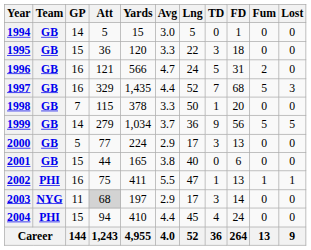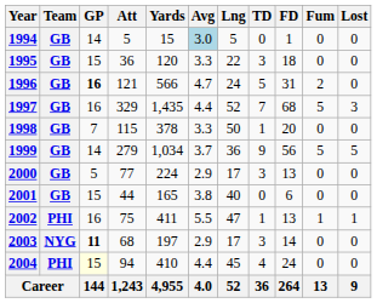 <table class="wikitable" style="text-align:center;">
 <tr>
 <th>Year</th>
 <th>Team</th>
 <th>GP</th>
 <th>Att</th>
 <th>Yards</th>
 <th>Avg</th>
 <th>Lng</th>
 <th>TD</th>
 <th>FD</th>
 <th>Fum</th>
 <th>Lost</th>
 </tr>
 <tr>
 <th><a href='#'>1994</a></th>
 <th><a href='#'>GB</a></th>
 <td>14</td>
 <td>5</td>
 <td>15</td>
-<td>3.0</td>
+<td style="background: lightblue;">3.0</td>
 <td>5</td>
 <td>0</td>
 <td>1</td>
 <td>0</td>
 <td>0</td>
 </tr>
 <tr>
 <th><a href='#'>1995</a></th>
 <th><a href='#'>GB</a></th>
 <td>15</td>
 <td>36</td>
 <td>120</td>
 <td>3.3</td>
 <td>22</td>
 <td>3</td>
 <td>18</td>
 <td>0</td>
 <td>0</td>
 </tr>
 <tr>
 <th><a href='#'>1996</a></th>
 <th><a href='#'>GB</a></th>
-<td>16</td>
+<td><strong>16</strong></td>
 <td>121</td>
 <td>566</td>
 <td>4.7</td>
 <td>24</td>
 <td>5</td>
 <td>31</td>
 <td>2</td>
 <td>0</td>
 </tr>
 <tr>
 <th><a href='#'>1997</a></th>
 <th><a href='#'>GB</a></th>
 <td>16</td>
 <td>329</td>
 <td>1,435</td>
 <td>4.4</td>
 <td>52</td>
 <td>7</td>
 <td>68</td>
 <td>5</td>
 <td>3</td>
 </tr>
 <tr>
 <th><a href='#'>1998</a></th>
 <th><a href='#'>GB</a></th>
 <td>7</td>
 <td>115</td>
 <td>378</td>
 <td>3.3</td>
 <td>50</td>
 <td>1</td>
 <td>20</td>
 <td>0</td>
 <td>0</td>
 </tr>
 <tr>
 <th><a href='#'>1999</a></th>
 <th><a href='#'>GB</a></th>
 <td>14</td>
 <td>279</td>
 <td>1,034</td>
 <td>3.7</td>
 <td>36</td>
 <td>9</td>
 <td>56</td>
 <td>5</td>
 <td>5</td>
 </tr>
 <tr>
 <th><a href='#'>2000</a></th>
 <th><a href='#'>GB</a></th>
 <td>5</td>
 <td>77</td>
 <td>224</td>
 <td>2.9</td>
 <td>17</td>
 <td>3</td>
 <td>13</td>
 <td>0</td>
 <td>0</td>
 </tr>
 <tr>
 <th><a href='#'>2001</a></th>
 <th><a href='#'>GB</a></th>
 <td>15</td>
 <td>44</td>
 <td>165</td>
 <td>3.8</td>
 <td>40</td>
 <td>0</td>
 <td>6</td>
 <td>0</td>
 <td>0</td>
 </tr>
 <tr>
 <th><a href='#'>2002</a></th>
 <th><a href='#'>PHI</a></th>
 <td>16</td>
 <td>75</td>
 <td>411</td>
 <td>5.5</td>
 <td>47</td>
 <td>1</td>
 <td>13</td>
 <td>1</td>
 <td>1</td>
 </tr>
 <tr>
 <th><a href='#'>2003</a></th>
 <th><a href='#'>NYG</a></th>
-<td>11</td>
-<td style="background: lightgrey;">68</td>
+<td><strong>11</strong></td>
+<td>68</td>
 <td>197</td>
 <td>2.9</td>
 <td>17</td>
 <td>3</td>
 <td>14</td>
 <td>0</td>
 <td>0</td>
 </tr>
 <tr>
 <th><a href='#'>2004</a></th>
 <th><a href='#'>PHI</a></th>
-<td>15</td>
+<td style="background: lightyellow;">15</td>
 <td>94</td>
 <td>410</td>
 <td>4.4</td>
 <td>45</td>
 <td>4</td>
 <td>24</td>
 <td>0</td>
 <td>0</td>
 </tr>
 <tr>
 <th colspan="2">Career</th>
 <th>144</th>
 <th>1,243</th>
 <th>4,955</th>
 <th>4.0</th>
 <th>52</th>
 <th>36</th>
 <th>264</th>
 <th>13</th>
 <th>9</th>
 </tr>
 </table>
